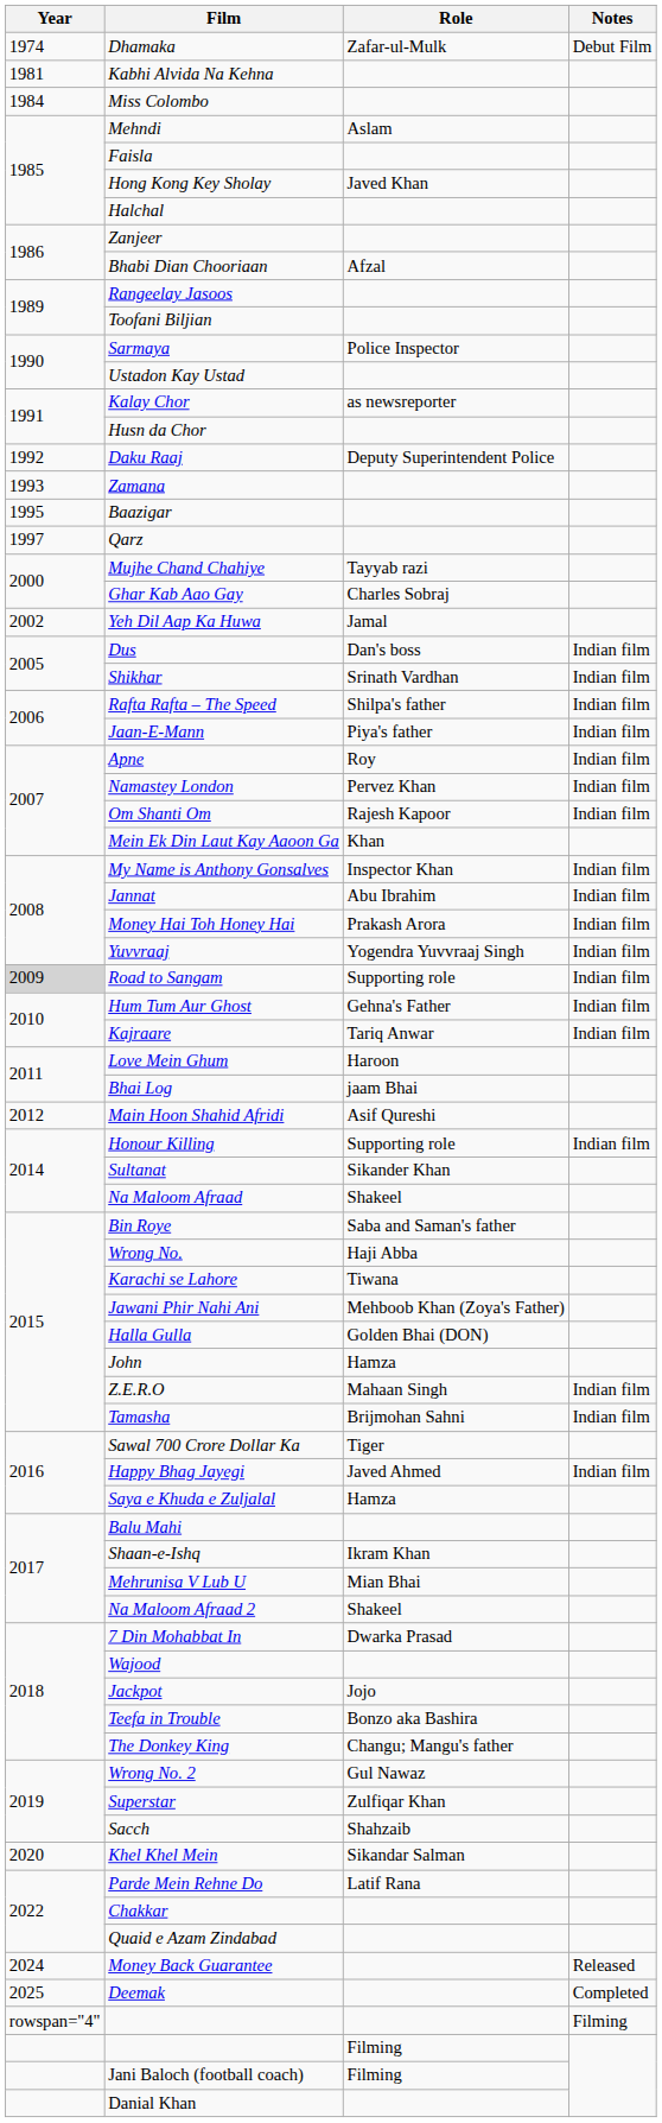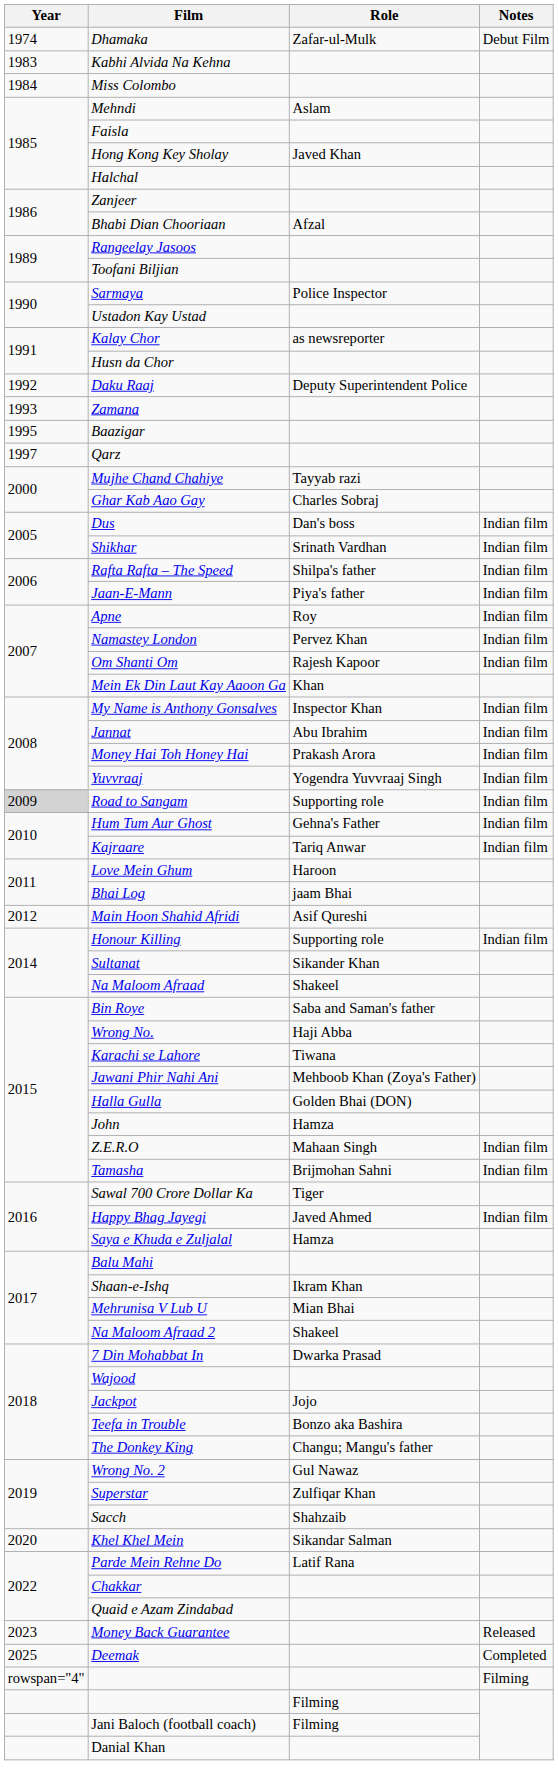 <table class="wikitable">
 <tr>
 <th>Year</th>
 <th>Film</th>
 <th>Role</th>
 <th>Notes</th>
 </tr>
 <tr>
 <td>1974</td>
 <td><em>Dhamaka</em></td>
 <td>Zafar-ul-Mulk</td>
 <td>Debut Film</td>
 </tr>
 <tr>
-<td>1981</td>
+<td>1983</td>
 <td><em>Kabhi Alvida Na Kehna</em></td>
 <td></td>
 <td></td>
 </tr>
 <tr>
 <td>1984</td>
 <td><em>Miss Colombo</em></td>
 <td></td>
 <td></td>
 </tr>
 <tr>
 <td rowspan="4">1985</td>
 <td><em>Mehndi</em></td>
 <td>Aslam</td>
 <td></td>
 </tr>
 <tr>
 <td><em>Faisla</em></td>
 <td></td>
 <td></td>
 </tr>
 <tr>
 <td><em>Hong Kong Key Sholay</em></td>
 <td>Javed Khan</td>
 <td></td>
 </tr>
 <tr>
 <td><em>Halchal</em></td>
 <td></td>
 <td></td>
 </tr>
 <tr>
 <td rowspan="2">1986</td>
 <td><em>Zanjeer</em></td>
 <td></td>
 <td></td>
 </tr>
 <tr>
 <td><em>Bhabi Dian Chooriaan</em></td>
 <td>Afzal</td>
 <td></td>
 </tr>
 <tr>
 <td rowspan="2">1989</td>
 <td><em><a href='#'>Rangeelay Jasoos</a></em></td>
 <td></td>
 <td></td>
 </tr>
 <tr>
 <td><em>Toofani Biljian</em></td>
 <td></td>
 <td></td>
 </tr>
 <tr>
 <td rowspan=2>1990</td>
 <td><em><a href='#'>Sarmaya</a></em></td>
 <td>Police Inspector</td>
 <td></td>
 </tr>
 <tr>
 <td><em>Ustadon Kay Ustad</em></td>
 <td></td>
 </tr>
 <tr>
 <td rowspan=2>1991</td>
 <td><em><a href='#'>Kalay Chor</a></em></td>
 <td>as newsreporter</td>
 <td></td>
 </tr>
 <tr>
 <td><em>Husn da Chor</em></td>
 <td></td>
 <td></td>
 </tr>
 <tr>
 <td>1992</td>
 <td><em><a href='#'>Daku Raaj</a></em></td>
 <td>Deputy Superintendent Police</td>
 <td></td>
 </tr>
 <tr>
 <td>1993</td>
 <td><em><a href='#'>Zamana</a></em></td>
 <td></td>
 <td></td>
 </tr>
 <tr>
 <td>1995</td>
 <td><em>Baazigar</em></td>
 <td></td>
 <td></td>
 </tr>
 <tr>
 <td>1997</td>
 <td><em>Qarz</em></td>
 <td></td>
 <td></td>
 </tr>
 <tr>
 <td rowspan="2">2000</td>
 <td><em><a href='#'>Mujhe Chand Chahiye</a></em></td>
 <td>Tayyab razi</td>
 <td></td>
 </tr>
 <tr>
 <td><em><a href='#'>Ghar Kab Aao Gay</a></em></td>
 <td>Charles Sobraj</td>
-<td></td>
-</tr>
-<tr>
-<td>2002</td>
-<td><em><a href='#'>Yeh Dil Aap Ka Huwa</a></em></td>
-<td>Jamal</td>
 <td></td>
 </tr>
 <tr>
 <td rowspan="2">2005</td>
 <td><em><a href='#'>Dus</a></em></td>
 <td>Dan's boss</td>
 <td>Indian film</td>
 </tr>
 <tr>
 <td><em><a href='#'>Shikhar</a></em></td>
 <td>Srinath Vardhan</td>
 <td>Indian film</td>
 </tr>
 <tr>
 <td rowspan="2">2006</td>
 <td><em><a href='#'>Rafta Rafta – The Speed</a></em></td>
 <td>Shilpa's father</td>
 <td>Indian film</td>
 </tr>
 <tr>
 <td><em><a href='#'>Jaan-E-Mann</a></em></td>
 <td>Piya's father</td>
 <td>Indian film</td>
 </tr>
 <tr>
 <td rowspan="4">2007</td>
 <td><em><a href='#'>Apne</a></em></td>
 <td>Roy</td>
 <td>Indian film</td>
 </tr>
 <tr>
 <td><em><a href='#'>Namastey London</a></em></td>
 <td>Pervez Khan</td>
 <td>Indian film</td>
 </tr>
 <tr>
 <td><em><a href='#'>Om Shanti Om</a></em></td>
 <td>Rajesh Kapoor</td>
 <td>Indian film</td>
 </tr>
 <tr>
 <td><em><a href='#'>Mein Ek Din Laut Kay Aaoon Ga</a></em></td>
 <td>Khan</td>
 <td></td>
 </tr>
 <tr>
 <td rowspan="4">2008</td>
 <td><em><a href='#'>My Name is Anthony Gonsalves</a></em></td>
 <td>Inspector Khan</td>
 <td>Indian film</td>
 </tr>
 <tr>
 <td><em><a href='#'>Jannat</a></em></td>
 <td>Abu Ibrahim</td>
 <td>Indian film</td>
 </tr>
 <tr>
 <td><em><a href='#'>Money Hai Toh Honey Hai</a></em></td>
 <td>Prakash Arora</td>
 <td>Indian film</td>
 </tr>
 <tr>
 <td><em><a href='#'>Yuvvraaj</a></em></td>
 <td>Yogendra Yuvvraaj Singh</td>
 <td>Indian film</td>
 </tr>
 <tr>
 <td style="background: lightgrey;">2009</td>
 <td><em><a href='#'>Road to Sangam</a></em></td>
 <td>Supporting role</td>
 <td>Indian film</td>
 </tr>
 <tr>
 <td rowspan="2">2010</td>
 <td><em><a href='#'>Hum Tum Aur Ghost</a></em></td>
 <td>Gehna's Father</td>
 <td>Indian film</td>
 </tr>
 <tr>
 <td><em><a href='#'>Kajraare</a></em></td>
 <td>Tariq Anwar</td>
 <td>Indian film</td>
 </tr>
 <tr>
 <td rowspan="2">2011</td>
 <td><em><a href='#'>Love Mein Ghum</a></em></td>
 <td>Haroon</td>
 <td></td>
 </tr>
 <tr>
 <td><em><a href='#'>Bhai Log</a></em></td>
 <td>jaam Bhai</td>
 <td></td>
 </tr>
 <tr>
 <td>2012</td>
 <td><em><a href='#'>Main Hoon Shahid Afridi</a></em></td>
 <td>Asif Qureshi</td>
 <td></td>
 </tr>
 <tr>
 <td rowspan="3">2014</td>
 <td><em><a href='#'>Honour Killing</a></em></td>
 <td>Supporting role</td>
 <td>Indian film</td>
 </tr>
 <tr>
 <td><em><a href='#'>Sultanat</a></em></td>
 <td>Sikander Khan</td>
 <td></td>
 </tr>
 <tr>
 <td><em><a href='#'>Na Maloom Afraad</a></em></td>
 <td>Shakeel</td>
 <td></td>
 </tr>
 <tr>
 <td rowspan="8">2015</td>
 <td><em><a href='#'>Bin Roye</a></em></td>
 <td>Saba and Saman's father</td>
 <td></td>
 </tr>
 <tr>
 <td><em><a href='#'>Wrong No.</a></em></td>
 <td>Haji Abba</td>
 <td></td>
 </tr>
 <tr>
 <td><em><a href='#'>Karachi se Lahore</a></em></td>
 <td>Tiwana</td>
 <td></td>
 </tr>
 <tr>
 <td><em><a href='#'>Jawani Phir Nahi Ani</a></em></td>
 <td>Mehboob Khan (Zoya's Father)</td>
 <td></td>
 </tr>
 <tr>
 <td><em><a href='#'>Halla Gulla</a></em></td>
 <td>Golden Bhai (DON)</td>
 <td></td>
 </tr>
 <tr>
 <td><em>John</em></td>
 <td>Hamza</td>
 <td></td>
 </tr>
 <tr>
 <td><em>Z.E.R.O</em></td>
 <td>Mahaan Singh</td>
 <td>Indian film</td>
 </tr>
 <tr>
 <td><em><a href='#'>Tamasha</a></em></td>
 <td>Brijmohan Sahni</td>
 <td>Indian film</td>
 </tr>
 <tr>
 <td rowspan="3">2016</td>
 <td><em>Sawal 700 Crore Dollar Ka</em></td>
 <td>Tiger</td>
 <td></td>
 </tr>
 <tr>
 <td><em><a href='#'>Happy Bhag Jayegi</a></em></td>
 <td>Javed Ahmed</td>
 <td>Indian film</td>
 </tr>
 <tr>
 <td><em><a href='#'>Saya e Khuda e Zuljalal</a></em></td>
 <td>Hamza</td>
 <td></td>
 </tr>
 <tr>
 <td rowspan="4">2017</td>
 <td><em><a href='#'>Balu Mahi</a></em></td>
 <td></td>
 <td></td>
 </tr>
 <tr>
 <td><em>Shaan-e-Ishq</em></td>
 <td>Ikram Khan</td>
 <td></td>
 </tr>
 <tr>
 <td><em><a href='#'>Mehrunisa V Lub U</a></em></td>
 <td>Mian Bhai</td>
 <td></td>
 </tr>
 <tr>
 <td><em><a href='#'>Na Maloom Afraad 2</a></em></td>
 <td>Shakeel</td>
 <td></td>
 </tr>
 <tr>
 <td rowspan="5">2018</td>
 <td><em><a href='#'>7 Din Mohabbat In</a></em></td>
 <td>Dwarka Prasad</td>
 <td></td>
 </tr>
 <tr>
 <td><em><a href='#'>Wajood</a></em></td>
 <td></td>
 <td></td>
 </tr>
 <tr>
 <td><em><a href='#'>Jackpot</a></em></td>
 <td>Jojo</td>
 <td></td>
 </tr>
 <tr>
 <td><em><a href='#'>Teefa in Trouble</a></em></td>
 <td>Bonzo aka Bashira</td>
 <td></td>
 </tr>
 <tr>
 <td><em><a href='#'>The Donkey King</a></em></td>
 <td>Changu; Mangu's father</td>
 <td></td>
 </tr>
 <tr>
 <td rowspan="3">2019</td>
 <td><em><a href='#'>Wrong No. 2</a></em></td>
 <td>Gul Nawaz</td>
 <td></td>
 </tr>
 <tr>
 <td><em><a href='#'>Superstar</a></em></td>
 <td>Zulfiqar Khan</td>
 <td></td>
 </tr>
 <tr>
 <td><em>Sacch</em></td>
 <td>Shahzaib</td>
 <td></td>
 </tr>
 <tr>
 <td>2020</td>
 <td><em><a href='#'>Khel Khel Mein</a></em></td>
 <td>Sikandar Salman</td>
 <td></td>
 </tr>
 <tr>
 <td rowspan="3">2022</td>
 <td><em><a href='#'>Parde Mein Rehne Do</a></em></td>
 <td>Latif Rana</td>
 <td></td>
 </tr>
 <tr>
 <td><em><a href='#'>Chakkar</a></em></td>
 <td></td>
 <td></td>
 </tr>
 <tr>
 <td><em>Quaid e Azam Zindabad</em></td>
 <td></td>
 <td></td>
 </tr>
 <tr>
-<td rowspan="1">2024</td>
+<td rowspan="1">2023</td>
 <td><em><a href='#'>Money Back Guarantee</a></em></td>
 <td></td>
 <td>Released </td>
 </tr>
 <tr>
 <td>2025</td>
 <td><em><a href='#'>Deemak</a></em></td>
 <td></td>
 <td>Completed</td>
 </tr>
 <tr>
 <td>rowspan="4"</td>
 <td></td>
 <td></td>
 <td>Filming </td>
 </tr>
 <tr>
 <td></td>
 <td></td>
 <td>Filming</td>
 </tr>
 <tr>
 <td></td>
 <td>Jani Baloch (football coach)</td>
 <td>Filming</td>
 </tr>
 <tr>
 <td><em></em></td>
 <td>Danial Khan</td>
 <td></td>
 </tr>
 </table>
